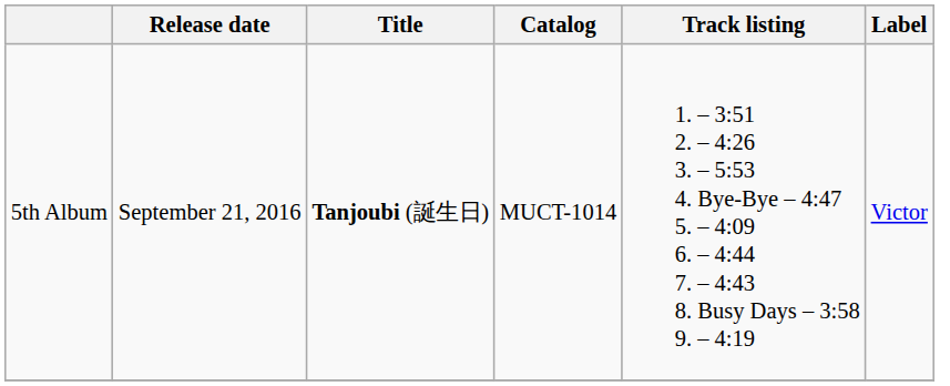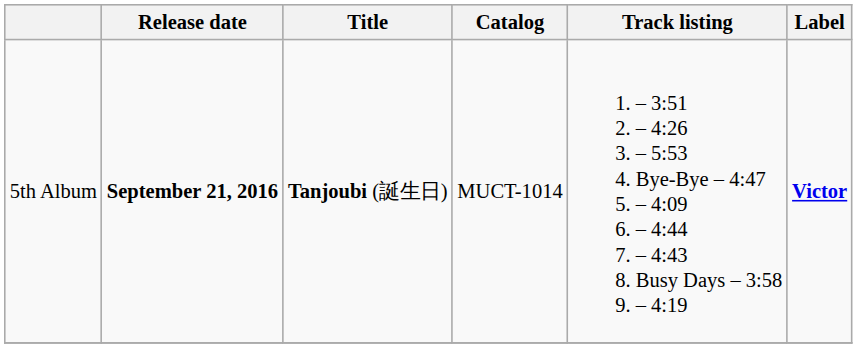 <table class="wikitable" style=font-size:small>
 <tr>
 <th> </th>
 <th>Release date</th>
 <th>Title</th>
 <th>Catalog</th>
 <th>Track listing</th>
 <th>Label</th>
 </tr>
 <tr>
 <td>5th Album</td>
-<td>September 21, 2016</td>
+<td><strong>September 21, 2016</strong></td>
 <td><strong>Tanjoubi</strong> (誕生日)</td>
 <td>MUCT-1014</td>
 <td><br><ol><li> – 3:51</li><li> – 4:26</li><li> – 5:53</li><li>Bye-Bye – 4:47</li><li> – 4:09</li><li> – 4:44</li><li> – 4:43</li><li>Busy Days – 3:58</li><li> – 4:19</li></ol></td>
-<td><a href='#'>Victor</a></td>
+<td><strong><a href='#'>Victor</a></strong></td>
 </tr>
 <tr>
 </tr>
 </table>
